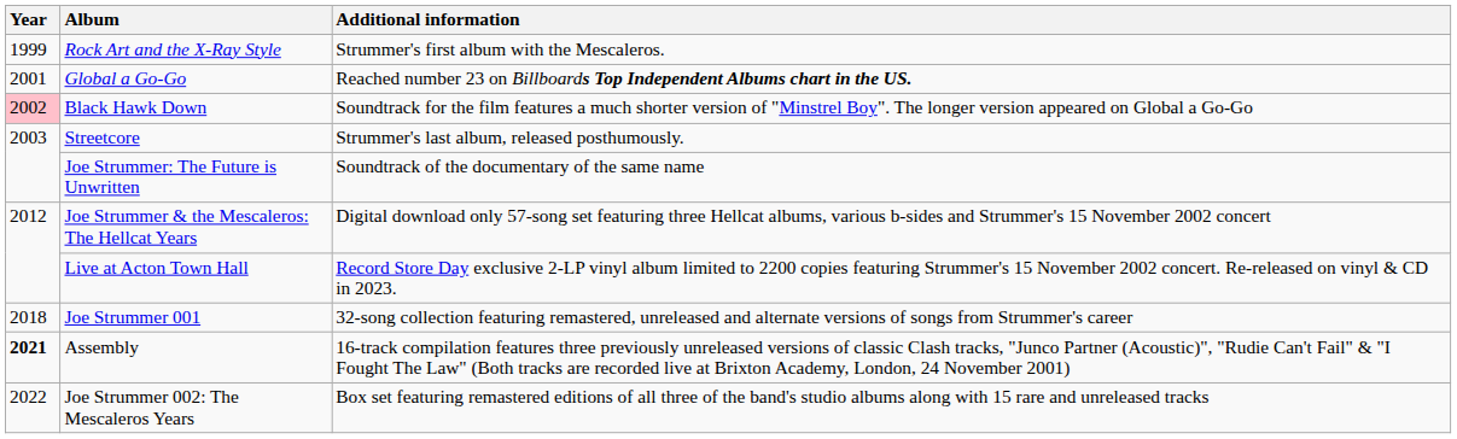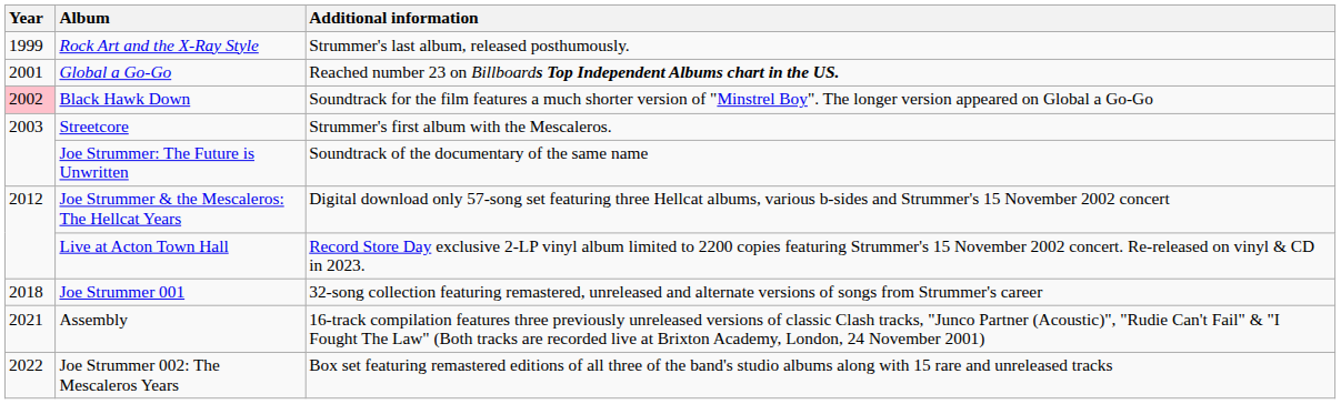 <table class="wikitable">
 <tr>
 <th style="vertical-align:top; text-align:left; width:40px;">Year</th>
 <th style="text-align:left; vertical-align:top;">Album</th>
 <th style="text-align:left; vertical-align:top;">Additional information</th>
 </tr>
 <tr style="text-align:left; vertical-align:top;">
 <td>1999</td>
 <td><em><a href='#'>Rock Art and the X-Ray Style</a></em></td>
-<td>Strummer's first album with the Mescaleros.</td>
+<td>Strummer's last album, released posthumously.</td>
 </tr>
 <tr style="text-align:left; vertical-align:top;">
 <td>2001</td>
 <td><em><a href='#'>Global a Go-Go</a></em></td>
 <td>Reached number 23 on <em>Billboard<strong>s Top Independent Albums chart in the US.</td>
 </tr>
 <tr style="text-align:left; vertical-align:top;">
 <td style="background: pink;">2002</td>
 <td></em><a href='#'>Black Hawk Down</a><em></td>
 <td>Soundtrack for the film features a much shorter version of "<a href='#'>Minstrel Boy</a>". The longer version appeared on </em>Global a Go-Go<em></td>
 </tr>
 <tr style="text-align:left; vertical-align:top;">
 <td rowspan="2">2003</td>
 <td></em><a href='#'>Streetcore</a><em></td>
-<td>Strummer's last album, released posthumously.</td>
+<td>Strummer's first album with the Mescaleros.</td>
 </tr>
 <tr style="text-align:left; vertical-align:top;">
 <td></em><a href='#'>Joe Strummer: The Future is Unwritten</a><em></td>
 <td>Soundtrack of the documentary of the same name</td>
 </tr>
 <tr style="text-align:left; vertical-align:top;">
 <td rowspan="2">2012</td>
 <td></em><a href='#'>Joe Strummer & the Mescaleros: The Hellcat Years</a><em></td>
 <td>Digital download only 57-song set featuring three Hellcat albums, various b-sides and Strummer's 15 November 2002 concert</td>
 </tr>
 <tr style="text-align:left; vertical-align:top;">
 <td></em><a href='#'>Live at Acton Town Hall</a><em></td>
 <td><a href='#'>Record Store Day</a> exclusive 2-LP vinyl album limited to 2200 copies featuring Strummer's 15 November 2002 concert. Re-released on vinyl & CD in 2023.</td>
 </tr>
 <tr style="text-align:left; vertical-align:top;">
 <td>2018</td>
 <td></em><a href='#'>Joe Strummer 001</a><em></td>
 <td>32-song collection featuring remastered, unreleased and alternate versions of songs from Strummer's career</td>
 </tr>
 <tr style="text-align:left; vertical-align:top;">
-<td><strong>2021</strong></td>
+<td>2021</td>
 <td></em>Assembly<em></td>
 <td>16-track compilation features three previously unreleased versions of classic Clash tracks, "Junco Partner (Acoustic)", "Rudie Can't Fail" & "I Fought The Law" (Both tracks are recorded live at Brixton Academy, London, 24 November 2001)</td>
 </tr>
 <tr style="text-align:left; vertical-align:top;">
 <td>2022</td>
 <td></em>Joe Strummer 002: The Mescaleros Years<em></td>
 <td>Box set featuring remastered editions of all three of the band's studio albums along with 15 rare and unreleased tracks</td>
 </tr>
 </table>
